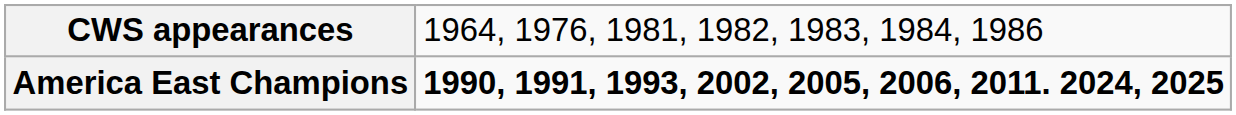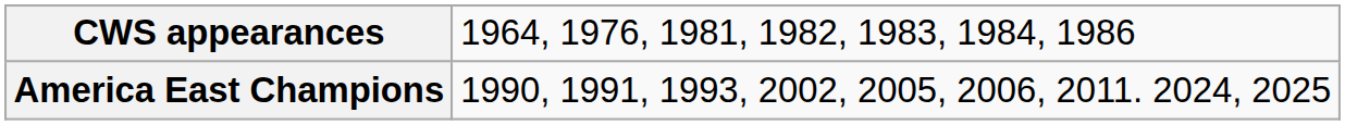 <table class="wikitable">
 <tr>
 <th>CWS appearances</th>
 <td>1964, 1976, 1981, 1982, 1983, 1984, 1986</td>
 </tr>
 <tr>
 <th>America East Champions</th>
-<td><strong>1990, 1991, 1993, 2002, 2005, 2006, 2011. 2024, 2025</strong></td>
+<td>1990, 1991, 1993, 2002, 2005, 2006, 2011. 2024, 2025</td>
 </tr>
 </table>
